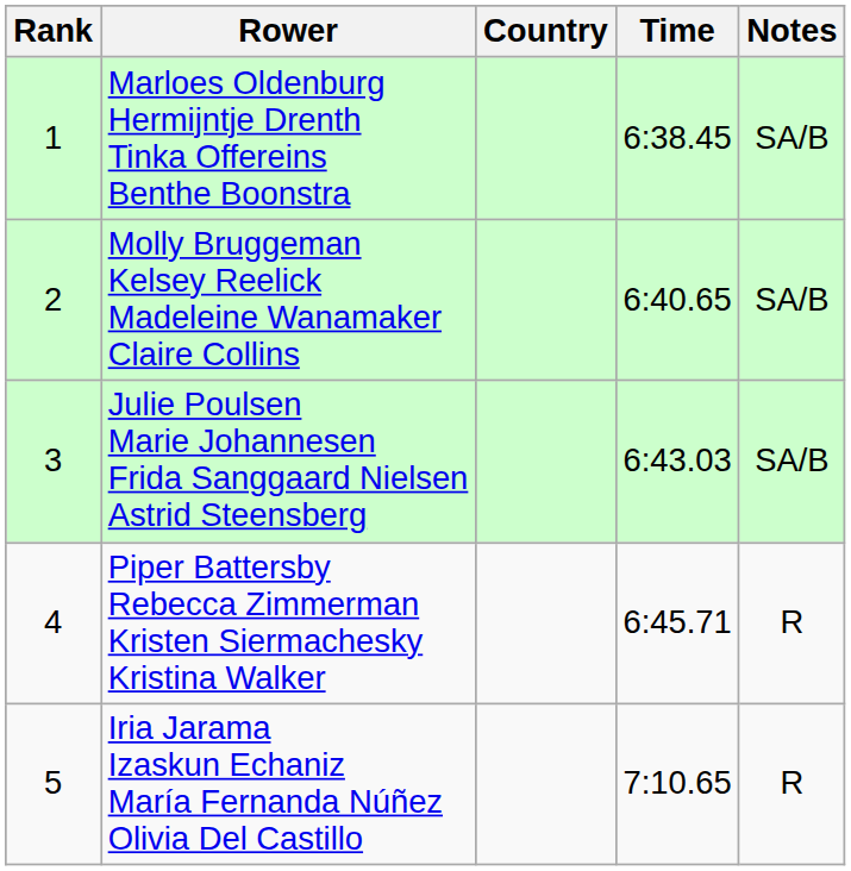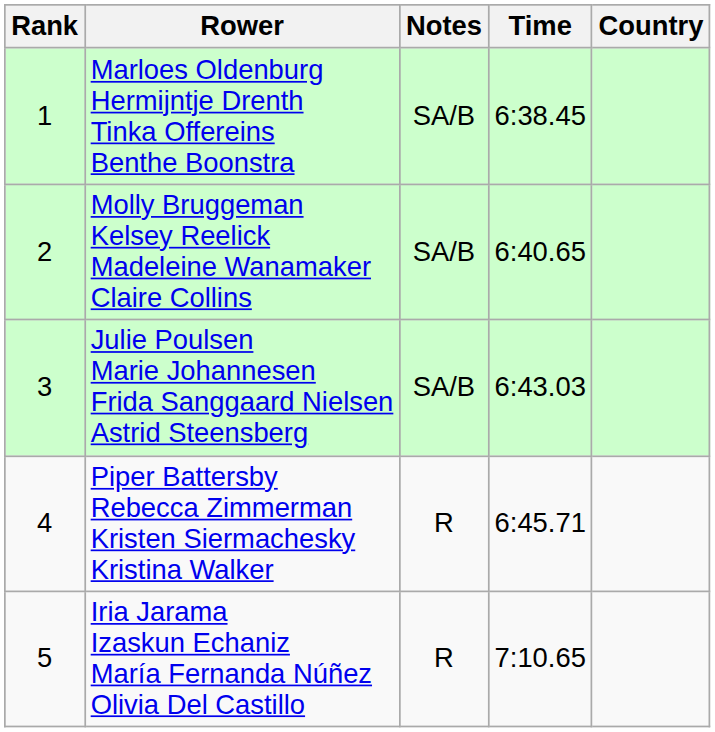 <table class="wikitable" style="text-align:center">
 <tr>
 <th>Rank</th>
 <th>Rower</th>
+<th>Notes</th>
+<th>Time</th>
 <th>Country</th>
-<th>Time</th>
-<th>Notes</th>
 </tr>
 <tr bgcolor=ccffcc>
 <td>1</td>
 <td align="left"><a href='#'>Marloes Oldenburg</a><br><a href='#'>Hermijntje Drenth</a><br><a href='#'>Tinka Offereins</a><br><a href='#'>Benthe Boonstra</a></td>
+<td>SA/B</td>
+<td>6:38.45</td>
 <td align="left"></td>
-<td>6:38.45</td>
-<td>SA/B</td>
 </tr>
 <tr bgcolor=ccffcc>
 <td>2</td>
 <td align="left"><a href='#'>Molly Bruggeman</a><br><a href='#'>Kelsey Reelick</a><br><a href='#'>Madeleine Wanamaker</a><br><a href='#'>Claire Collins</a></td>
+<td>SA/B</td>
+<td>6:40.65</td>
 <td align="left"></td>
-<td>6:40.65</td>
-<td>SA/B</td>
 </tr>
 <tr bgcolor=ccffcc>
 <td>3</td>
 <td align="left"><a href='#'>Julie Poulsen</a><br><a href='#'>Marie Johannesen</a><br><a href='#'>Frida Sanggaard Nielsen</a><br><a href='#'>Astrid Steensberg</a></td>
+<td>SA/B</td>
+<td>6:43.03</td>
 <td align="left"></td>
-<td>6:43.03</td>
-<td>SA/B</td>
 </tr>
 <tr>
 <td>4</td>
 <td align="left"><a href='#'>Piper Battersby</a><br><a href='#'>Rebecca Zimmerman</a><br><a href='#'>Kristen Siermachesky</a><br><a href='#'>Kristina Walker</a></td>
+<td>R</td>
+<td>6:45.71</td>
 <td align="left"></td>
-<td>6:45.71</td>
-<td>R</td>
 </tr>
 <tr>
 <td>5</td>
 <td align="left"><a href='#'>Iria Jarama</a><br><a href='#'>Izaskun Echaniz</a><br><a href='#'>María Fernanda Núñez</a><br><a href='#'>Olivia Del Castillo</a></td>
+<td>R</td>
+<td>7:10.65</td>
 <td align="left"></td>
-<td>7:10.65</td>
-<td>R</td>
 </tr>
 </table>
